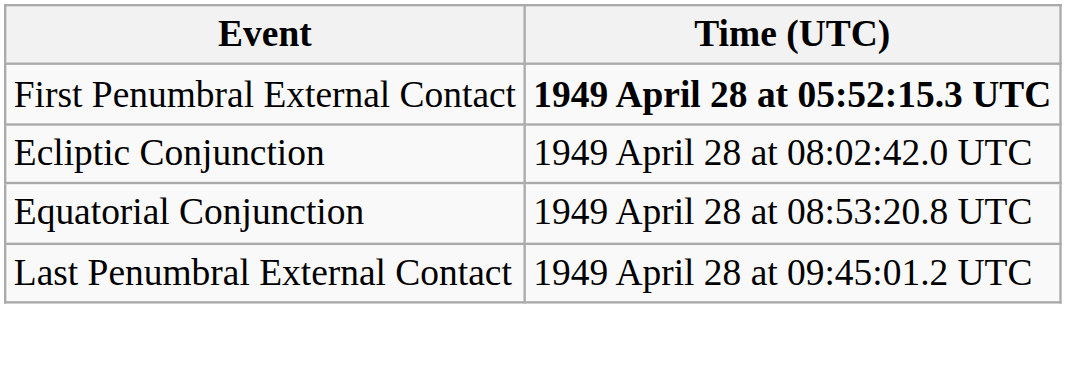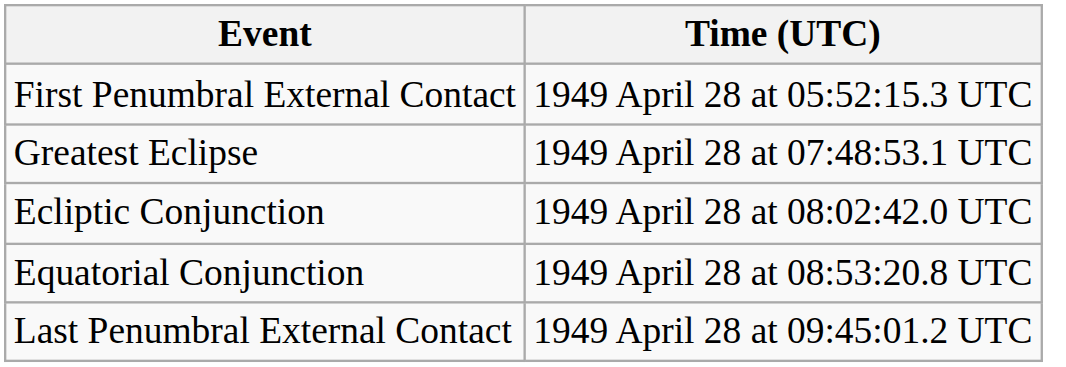 <table class="wikitable">
 <tr>
 <th>Event</th>
 <th>Time (UTC)</th>
 </tr>
 <tr>
 <td>First Penumbral External Contact</td>
-<td><strong>1949 April 28 at 05:52:15.3 UTC</strong></td>
+<td>1949 April 28 at 05:52:15.3 UTC</td>
+</tr>
+<tr>
+<td>Greatest Eclipse</td>
+<td>1949 April 28 at 07:48:53.1 UTC</td>
 </tr>
 <tr>
 <td>Ecliptic Conjunction</td>
 <td>1949 April 28 at 08:02:42.0 UTC</td>
 </tr>
 <tr>
 <td>Equatorial Conjunction</td>
 <td>1949 April 28 at 08:53:20.8 UTC</td>
 </tr>
 <tr>
 <td>Last Penumbral External Contact</td>
 <td>1949 April 28 at 09:45:01.2 UTC</td>
 </tr>
 </table>
